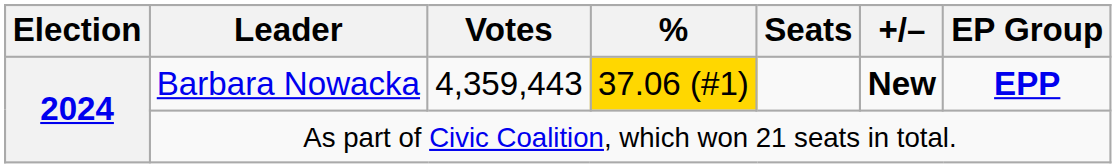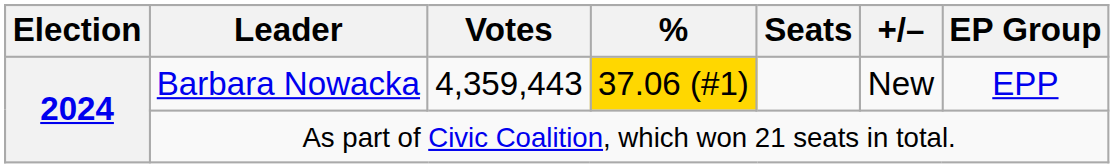 <table class=wikitable style="text-align:center;">
 <tr>
 <th>Election</th>
 <th>Leader</th>
 <th>Votes</th>
 <th>%</th>
 <th>Seats</th>
 <th>+/–</th>
 <th>EP Group</th>
 </tr>
 <tr>
 <th rowspan="2"><a href='#'>2024</a></th>
 <td><a href='#'>Barbara Nowacka</a></td>
 <td>4,359,443</td>
 <td style="background: gold;">37.06 (#1)</td>
 <td></td>
-<td><strong>New</strong></td>
-<td><strong><a href='#'>EPP</a></strong></td>
+<td>New</td>
+<td><a href='#'>EPP</a></td>
 </tr>
 <tr>
 <td colspan="6"><small>As part of <a href='#'>Civic Coalition</a>, which won 21 seats in total.</small></td>
 </tr>
 </table>
